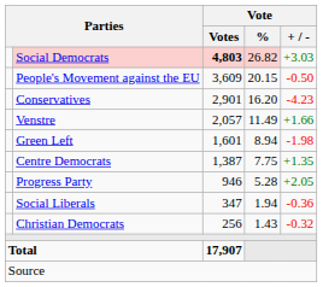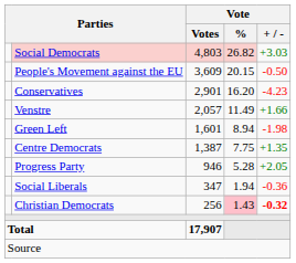 <table class="wikitable" style="text-align:right;">
 <tr>
 <th style="text-align:centre;" rowspan="2" colspan="2" width="225">Parties</th>
 <th colspan="3">Vote</th>
 </tr>
 <tr>
 <th width="15">Votes</th>
 <th width="15">%</th>
 <th width="15">+ / -</th>
 </tr>
 <tr>
 <td width="2" style="color:inherit;background:"></td>
 <td bgcolor=#fbd0ce   align="left"><a href='#'>Social Democrats</a></td>
-<td bgcolor=#fbd0ce><strong>4,803</strong></td>
+<td bgcolor=#fbd0ce>4,803</td>
 <td bgcolor=#fbd0ce>26.82</td>
 <td style=color:green;>+3.03</td>
 </tr>
 <tr>
 <td width="2" style="color:inherit;background:"></td>
 <td align="left"><a href='#'>People's Movement against the EU</a></td>
 <td>3,609</td>
 <td>20.15</td>
 <td style=color:red;>-0.50</td>
 </tr>
 <tr>
 <td width="2" style="color:inherit;background:"></td>
 <td align="left"><a href='#'>Conservatives</a></td>
 <td>2,901</td>
 <td>16.20</td>
 <td style=color:red;>-4.23</td>
 </tr>
 <tr>
 <td width="2" style="color:inherit;background:"></td>
 <td align="left"><a href='#'>Venstre</a></td>
 <td>2,057</td>
 <td>11.49</td>
 <td style=color:green;>+1.66</td>
 </tr>
 <tr>
 <td width="2" style="color:inherit;background:"></td>
 <td align="left"><a href='#'>Green Left</a></td>
 <td>1,601</td>
 <td>8.94</td>
 <td style=color:red;>-1.98</td>
 </tr>
 <tr>
 <td width="2" style="color:inherit;background:"></td>
 <td align="left"><a href='#'>Centre Democrats</a></td>
 <td>1,387</td>
 <td>7.75</td>
 <td style=color:green;>+1.35</td>
 </tr>
 <tr>
 <td width="2" style="color:inherit;background:"></td>
 <td align="left"><a href='#'>Progress Party</a></td>
 <td>946</td>
 <td>5.28</td>
 <td style=color:green;>+2.05</td>
 </tr>
 <tr>
 <td width="2" style="color:inherit;background:"></td>
 <td align="left"><a href='#'>Social Liberals</a></td>
 <td>347</td>
 <td>1.94</td>
 <td style=color:red;>-0.36</td>
 </tr>
 <tr>
 <td width="2" style="color:inherit;background:"></td>
 <td align="left"><a href='#'>Christian Democrats</a></td>
 <td>256</td>
-<td>1.43</td>
-<td style=color:red;>-0.32</td>
+<td style="background: pink;">1.43</td>
+<td style=color:red;><strong>-0.32</strong></td>
 </tr>
 <tr>
 <td colspan="7" bgcolor="#E9E9E9"></td>
 </tr>
 <tr>
 <td align="left" colspan="2"><strong>Total</strong></td>
 <td><strong>17,907</strong></td>
 <td bgcolor="#E9E9E9" colspan="2"></td>
 </tr>
 <tr>
 <td align="left" colspan="6">Source</td>
 </tr>
 </table>
